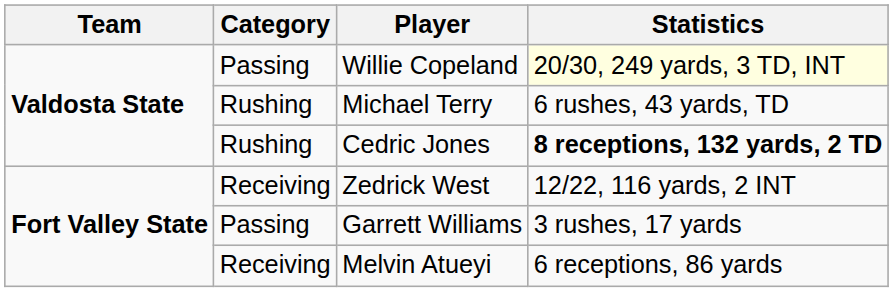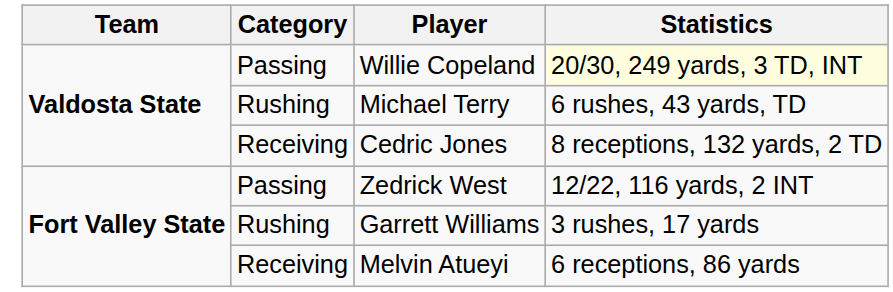 <table class="wikitable" style="float: right;">
 <tr>
 <th>Team</th>
 <th>Category</th>
 <th>Player</th>
 <th>Statistics</th>
 </tr>
 <tr>
 <td rowspan=3><strong>Valdosta State</strong></td>
 <td>Passing</td>
 <td>Willie Copeland</td>
 <td style="background: lightyellow;">20/30, 249 yards, 3 TD, INT</td>
 </tr>
 <tr>
 <td>Rushing</td>
 <td>Michael Terry</td>
 <td>6 rushes, 43 yards, TD</td>
 </tr>
 <tr>
-<td>Rushing</td>
+<td>Receiving</td>
 <td>Cedric Jones</td>
-<td><strong>8 receptions, 132 yards, 2 TD</strong></td>
+<td>8 receptions, 132 yards, 2 TD</td>
 </tr>
 <tr>
 <td rowspan=3><strong>Fort Valley State</strong></td>
-<td>Receiving</td>
+<td>Passing</td>
 <td>Zedrick West</td>
 <td>12/22, 116 yards, 2 INT</td>
 </tr>
 <tr>
-<td>Passing</td>
+<td>Rushing</td>
 <td>Garrett Williams</td>
 <td>3 rushes, 17 yards</td>
 </tr>
 <tr>
 <td>Receiving</td>
 <td>Melvin Atueyi</td>
 <td>6 receptions, 86 yards</td>
 </tr>
 </table>
